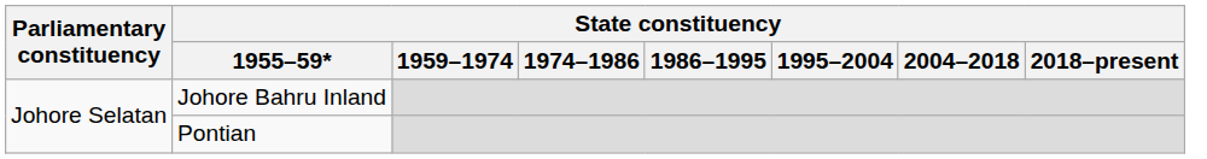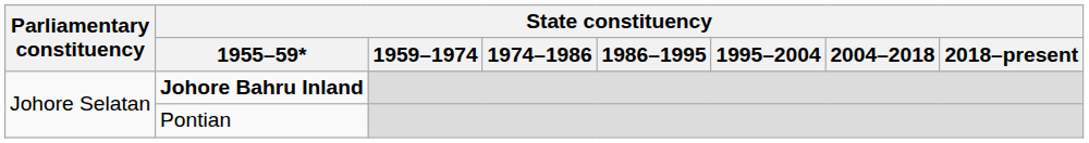 <table class="wikitable">
 <tr>
 <th rowspan="2">Parliamentary<br>constituency</th>
 <th colspan="7">State constituency</th>
 </tr>
 <tr>
 <th>1955–59*</th>
 <th>1959–1974</th>
 <th>1974–1986</th>
 <th>1986–1995</th>
 <th>1995–2004</th>
 <th>2004–2018</th>
 <th>2018–present</th>
 </tr>
 <tr>
 <td rowspan="2">Johore Selatan</td>
-<td>Johore Bahru Inland</td>
+<td><strong>Johore Bahru Inland</strong></td>
 <td colspan="6" bgcolor="dcdcdc"></td>
 </tr>
 <tr>
 <td>Pontian</td>
 <td colspan="6" bgcolor="dcdcdc"></td>
 </tr>
 </table>
